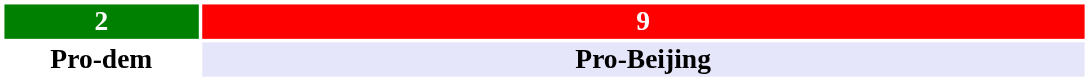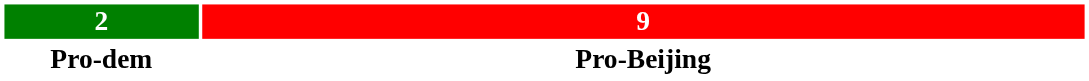 <table style="width:50%; text-align:center;">
 <tr style="color:white;">
 <td style="background:green; width:18%;"><strong>2</strong></td>
 <td style="background:red; width:82%;"><strong>9</strong></td>
 </tr>
 <tr>
 <td><span><strong>Pro-dem</strong></span></td>
-<td style="background: lavender;"><span><strong>Pro-Beijing</strong></span></td>
+<td><span><strong>Pro-Beijing</strong></span></td>
 </tr>
 </table>
